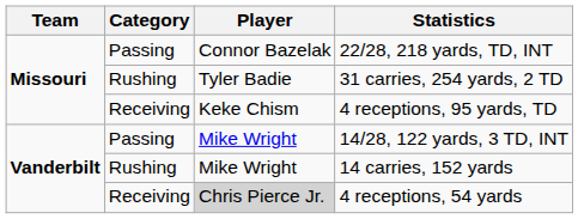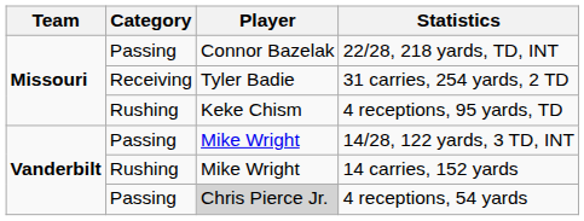 <table class="wikitable" style="float: right;">
 <tr>
 <th>Team</th>
 <th>Category</th>
 <th>Player</th>
 <th>Statistics</th>
 </tr>
 <tr>
 <td rowspan=3><strong>Missouri</strong></td>
 <td>Passing</td>
 <td>Connor Bazelak</td>
 <td>22/28, 218 yards, TD, INT</td>
 </tr>
 <tr>
-<td>Rushing</td>
+<td>Receiving</td>
 <td>Tyler Badie</td>
 <td>31 carries, 254 yards, 2 TD</td>
 </tr>
 <tr>
-<td>Receiving</td>
+<td>Rushing</td>
 <td>Keke Chism</td>
 <td>4 receptions, 95 yards, TD</td>
 </tr>
 <tr>
 <td rowspan=3><strong>Vanderbilt</strong></td>
 <td>Passing</td>
 <td><a href='#'>Mike Wright</a></td>
 <td>14/28, 122 yards, 3 TD, INT</td>
 </tr>
 <tr>
 <td>Rushing</td>
 <td>Mike Wright</td>
 <td>14 carries, 152 yards</td>
 </tr>
 <tr>
-<td>Receiving</td>
+<td>Passing</td>
 <td style="background: lightgrey;">Chris Pierce Jr.</td>
 <td>4 receptions, 54 yards</td>
 </tr>
 </table>
